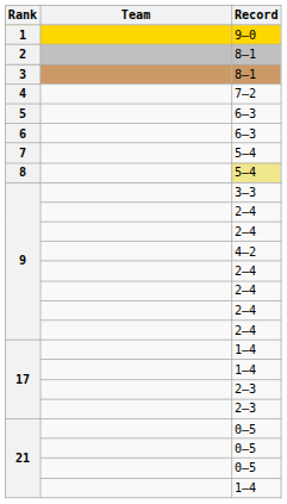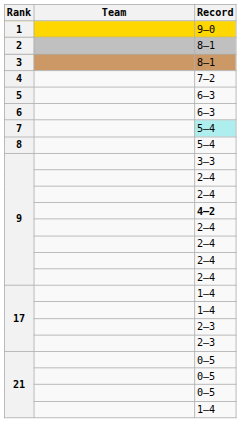 <table class="wikitable">
 <tr>
 <th>Rank</th>
 <th width="200">Team</th>
 <th>Record</th>
 </tr>
 <tr bgcolor=gold>
 <th>1</th>
 <td></td>
 <td>9–0</td>
 </tr>
 <tr bgcolor=silver>
 <th>2</th>
 <td></td>
 <td>8–1</td>
 </tr>
 <tr bgcolor=#cc9966>
 <th>3</th>
 <td></td>
 <td>8–1</td>
 </tr>
 <tr>
 <th>4</th>
 <td></td>
 <td>7–2</td>
 </tr>
 <tr>
 <th>5</th>
 <td></td>
 <td>6–3</td>
 </tr>
 <tr>
 <th>6</th>
 <td></td>
 <td>6–3</td>
 </tr>
 <tr>
 <th>7</th>
 <td></td>
-<td>5–4</td>
+<td style="background: paleturquoise;">5–4</td>
 </tr>
 <tr>
 <th>8</th>
 <td></td>
-<td style="background: khaki;">5–4</td>
+<td>5–4</td>
 </tr>
 <tr>
 <th rowspan=8>9</th>
 <td></td>
 <td>3–3</td>
 </tr>
 <tr>
 <td></td>
 <td>2–4</td>
 </tr>
 <tr>
 <td></td>
 <td>2–4</td>
 </tr>
 <tr>
 <td></td>
-<td>4–2</td>
+<td><strong>4–2</strong></td>
 </tr>
 <tr>
 <td></td>
 <td>2–4</td>
 </tr>
 <tr>
 <td></td>
 <td>2–4</td>
 </tr>
 <tr>
 <td></td>
 <td>2–4</td>
 </tr>
 <tr>
 <td></td>
 <td>2–4</td>
 </tr>
 <tr>
 <th rowspan=4>17</th>
 <td></td>
 <td>1–4</td>
 </tr>
 <tr>
 <td></td>
 <td>1–4</td>
 </tr>
 <tr>
 <td></td>
 <td>2–3</td>
 </tr>
 <tr>
 <td></td>
 <td>2–3</td>
 </tr>
 <tr>
 <th rowspan=4>21</th>
 <td></td>
 <td>0–5</td>
 </tr>
 <tr>
 <td></td>
 <td>0–5</td>
 </tr>
 <tr>
 <td></td>
 <td>0–5</td>
 </tr>
 <tr>
 <td></td>
 <td>1–4</td>
 </tr>
 </table>
